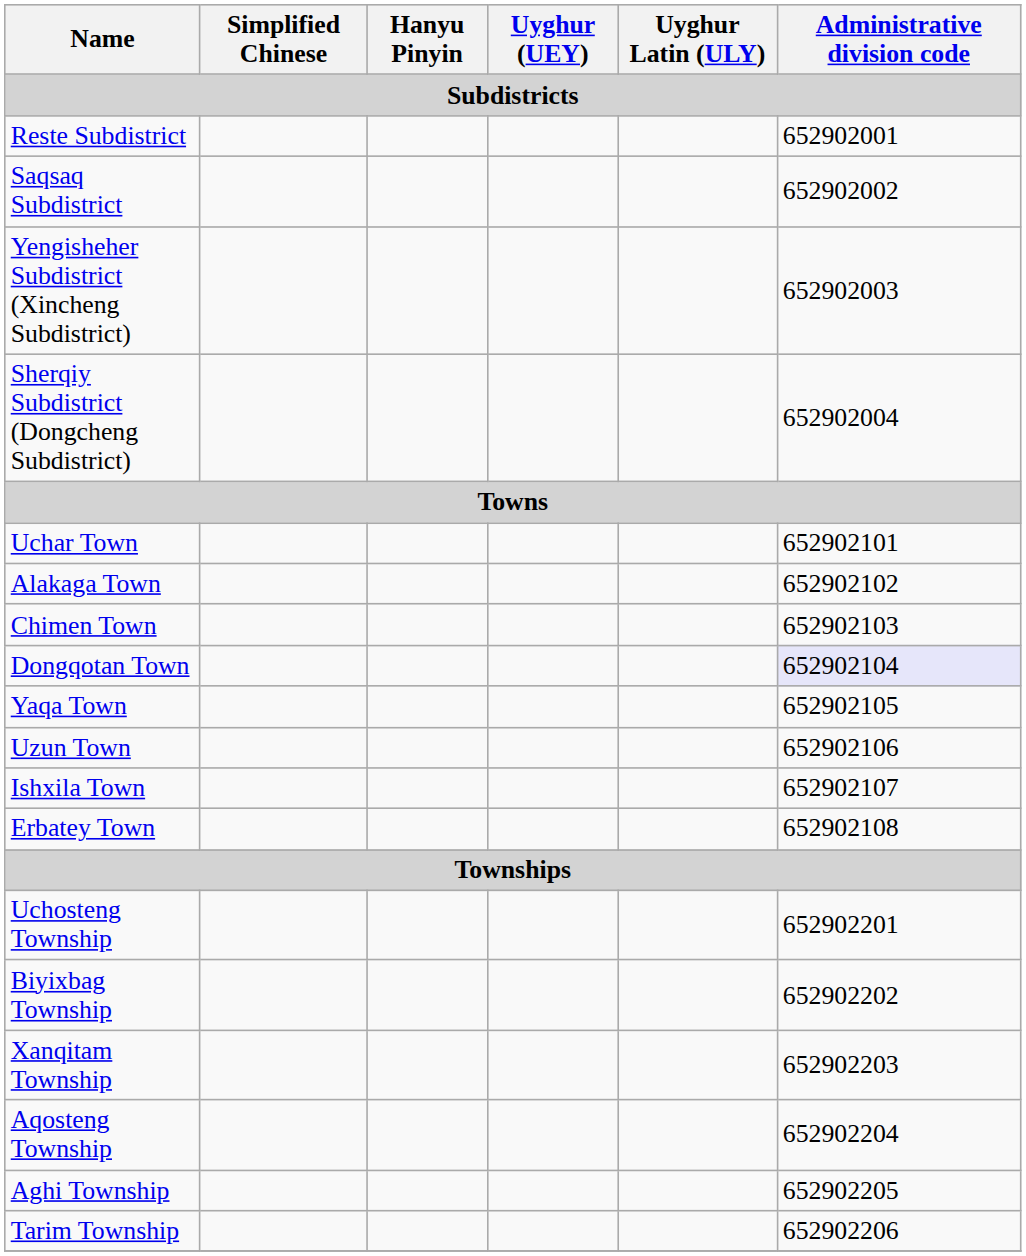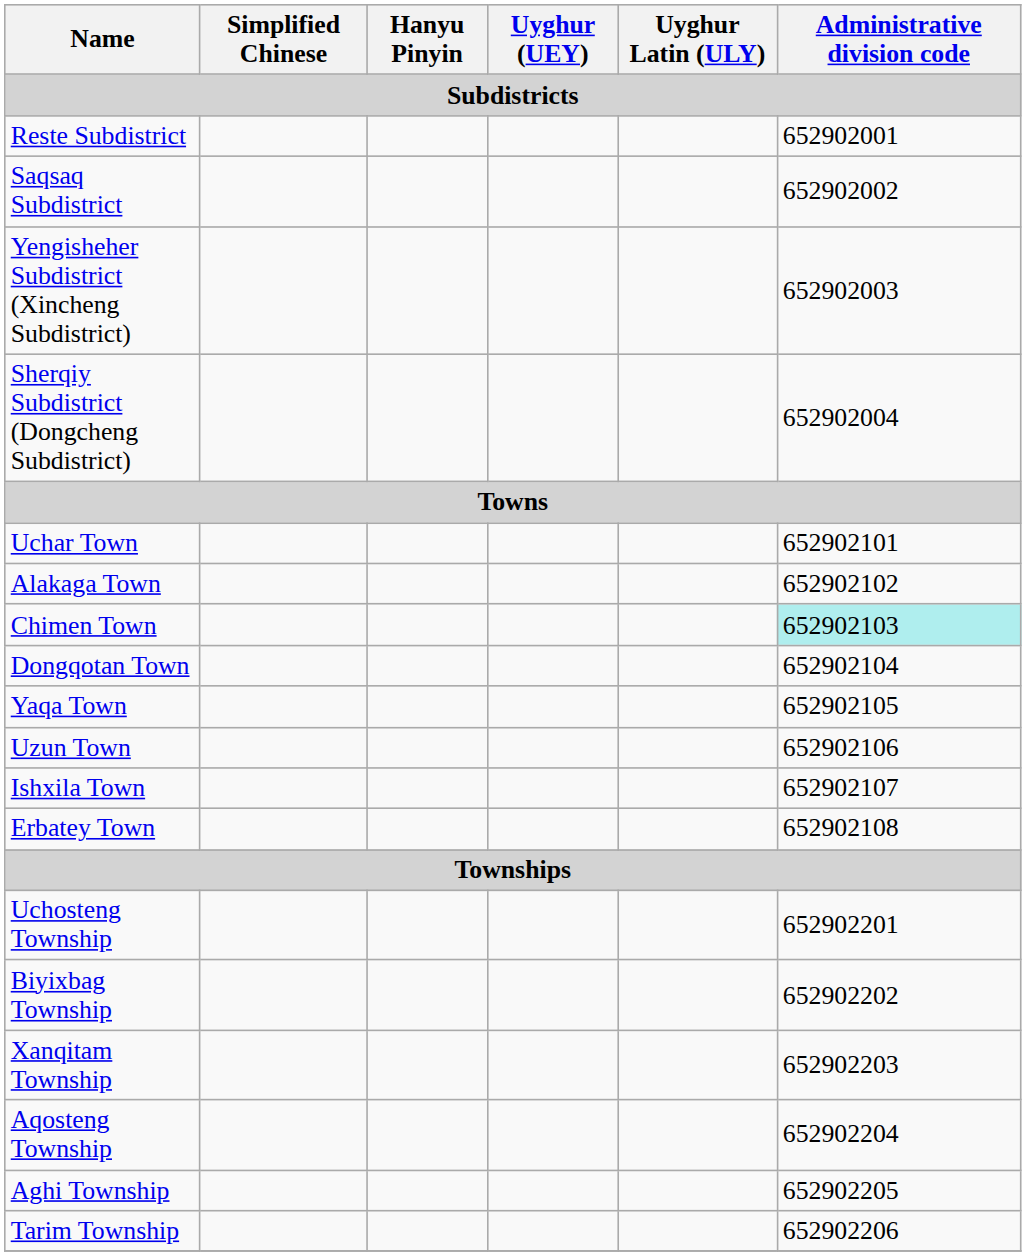 <table class="wikitable" align="center" style="width:50%; border="1">
 <tr>
 <th>Name</th>
 <th>Simplified Chinese</th>
 <th>Hanyu Pinyin</th>
 <th><a href='#'>Uyghur</a> (<a href='#'>UEY</a>)</th>
 <th>Uyghur Latin (<a href='#'>ULY</a>)</th>
 <th><a href='#'>Administrative division code</a></th>
 </tr>
 <tr>
 <td colspan="7"  style="text-align:center; background:#d3d3d3;"><strong>Subdistricts</strong></td>
 </tr>
 <tr --------->
 <td><a href='#'>Reste Subdistrict</a></td>
 <td></td>
 <td></td>
 <td></td>
 <td></td>
 <td>652902001</td>
 </tr>
 <tr>
 <td><a href='#'>Saqsaq Subdistrict</a></td>
 <td></td>
 <td></td>
 <td></td>
 <td></td>
 <td>652902002</td>
 </tr>
 <tr>
 <td><a href='#'>Yengisheher Subdistrict</a><br>(Xincheng Subdistrict)</td>
 <td></td>
 <td></td>
 <td></td>
 <td></td>
 <td>652902003</td>
 </tr>
 <tr>
 <td><a href='#'>Sherqiy Subdistrict</a><br>(Dongcheng Subdistrict)</td>
 <td></td>
 <td></td>
 <td></td>
 <td></td>
 <td>652902004</td>
 </tr>
 <tr>
 <td colspan="7"  style="text-align:center; background:#d3d3d3;"><strong>Towns</strong></td>
 </tr>
 <tr --------->
 <td><a href='#'>Uchar Town</a></td>
 <td></td>
 <td></td>
 <td></td>
 <td></td>
 <td>652902101</td>
 </tr>
 <tr>
 <td><a href='#'>Alakaga Town</a></td>
 <td></td>
 <td></td>
 <td></td>
 <td></td>
 <td>652902102</td>
 </tr>
 <tr>
 <td><a href='#'>Chimen Town</a></td>
 <td></td>
 <td></td>
 <td></td>
 <td></td>
-<td>652902103</td>
+<td style="background: paleturquoise;">652902103</td>
 </tr>
 <tr>
 <td><a href='#'>Dongqotan Town</a></td>
 <td></td>
 <td></td>
 <td></td>
 <td></td>
-<td style="background: lavender;">652902104</td>
+<td>652902104</td>
 </tr>
 <tr>
 <td><a href='#'>Yaqa Town</a></td>
 <td></td>
 <td></td>
 <td></td>
 <td></td>
 <td>652902105</td>
 </tr>
 <tr>
 <td><a href='#'>Uzun Town</a></td>
 <td></td>
 <td></td>
 <td></td>
 <td></td>
 <td>652902106</td>
 </tr>
 <tr>
 <td><a href='#'>Ishxila Town</a></td>
 <td></td>
 <td></td>
 <td></td>
 <td></td>
 <td>652902107</td>
 </tr>
 <tr>
 <td><a href='#'>Erbatey Town</a></td>
 <td></td>
 <td></td>
 <td></td>
 <td></td>
 <td>652902108</td>
 </tr>
 <tr --------->
 <td colspan="7"  style="text-align:center; background:#d3d3d3;"><strong>Townships</strong></td>
 </tr>
 <tr --------->
 <td><a href='#'>Uchosteng Township</a></td>
 <td></td>
 <td></td>
 <td></td>
 <td></td>
 <td>652902201</td>
 </tr>
 <tr>
 <td><a href='#'>Biyixbag Township</a></td>
 <td></td>
 <td></td>
 <td></td>
 <td></td>
 <td>652902202</td>
 </tr>
 <tr>
 <td><a href='#'>Xanqitam Township</a></td>
 <td></td>
 <td></td>
 <td></td>
 <td></td>
 <td>652902203</td>
 </tr>
 <tr>
 <td><a href='#'>Aqosteng Township</a></td>
 <td></td>
 <td></td>
 <td></td>
 <td></td>
 <td>652902204</td>
 </tr>
 <tr>
 <td><a href='#'>Aghi Township</a></td>
 <td></td>
 <td></td>
 <td></td>
 <td></td>
 <td>652902205</td>
 </tr>
 <tr>
 <td><a href='#'>Tarim Township</a></td>
 <td></td>
 <td></td>
 <td></td>
 <td></td>
 <td>652902206</td>
 </tr>
 <tr>
 </tr>
 </table>
